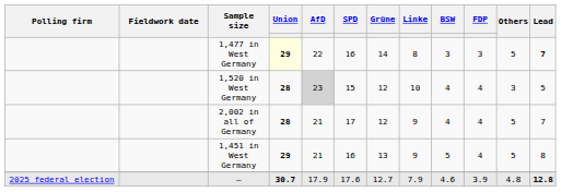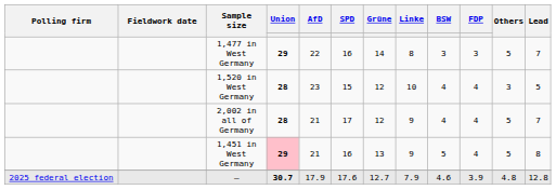 <table class="wikitable sortable mw-datatable mw-collapsible" style="text-align:center;font-size:90%;line-height:14px;">
 <tr style="height:40px;">
 <th style="width:155px;" rowspan="2">Polling firm</th>
 <th style="width:120px;" rowspan="2">Fieldwork date</th>
 <th style="width: 80px;" rowspan="2">Sample<br>size</th>
 <th class="unsortable" style="width:40px;"><a href='#'>Union</a></th>
 <th class="unsortable" style="width:40px;"><a href='#'>AfD</a></th>
 <th class="unsortable" style="width:40px;"><a href='#'>SPD</a></th>
 <th class="unsortable" style="width:40px;"><a href='#'>Grüne</a></th>
 <th class="unsortable" style="width:40px;"><a href='#'>Linke</a></th>
 <th class="unsortable" style="width:40px;"><a href='#'>BSW</a></th>
 <th class="unsortable" style="width:40px;"><a href='#'>FDP</a></th>
 <th class="unsortable" style="width:30px;" rowspan="2">Others</th>
 <th style="width:30px;" rowspan="2">Lead</th>
 </tr>
 <tr>
 <th style="background:"></th>
 <th style="background:"></th>
 <th style="background:"></th>
 <th style="background:"></th>
 <th style="background:"></th>
 <th style="background:"></th>
 <th style="background:"></th>
 </tr>
 <tr>
 <td></td>
 <td></td>
 <td>1,477 in West Germany</td>
-<td style="background: lightyellow;"><strong>29</strong></td>
+<td><strong>29</strong></td>
 <td>22</td>
 <td>16</td>
 <td>14</td>
 <td>8</td>
 <td>3</td>
 <td>3</td>
 <td>5</td>
-<td style="background:"><strong>7</strong></td>
+<td style="background:">7</td>
 </tr>
 <tr>
 <td></td>
 <td></td>
 <td>1,520 in West Germany</td>
 <td><strong>28</strong></td>
-<td style="background: lightgrey;">23</td>
+<td>23</td>
 <td>15</td>
 <td>12</td>
 <td>10</td>
 <td>4</td>
 <td>4</td>
 <td>3</td>
 <td style="background:">5</td>
 </tr>
 <tr>
 <td></td>
 <td></td>
 <td>2,002 in all of Germany</td>
 <td><strong>28</strong></td>
 <td>21</td>
 <td>17</td>
 <td>12</td>
 <td>9</td>
 <td>4</td>
 <td>4</td>
 <td>5</td>
 <td style="background:">7</td>
 </tr>
 <tr>
 <td></td>
 <td></td>
 <td>1,451 in West Germany</td>
-<td><strong>29</strong></td>
+<td style="background: pink;"><strong>29</strong></td>
 <td>21</td>
 <td>16</td>
 <td>13</td>
 <td>9</td>
 <td>5</td>
 <td>4</td>
 <td>5</td>
 <td style="background:">8</td>
 </tr>
 <tr>
 </tr>
 <tr style="background:#E9E9E9;">
 <td><a href='#'>2025 federal election</a></td>
 <td></td>
 <td>–</td>
 <td><strong>30.7</strong></td>
 <td>17.9</td>
 <td>17.6</td>
 <td>12.7</td>
 <td>7.9</td>
 <td>4.6</td>
 <td>3.9</td>
 <td>4.8</td>
-<td style="background:"><strong>12.8</strong></td>
+<td style="background:">12.8</td>
 </tr>
 </table>
